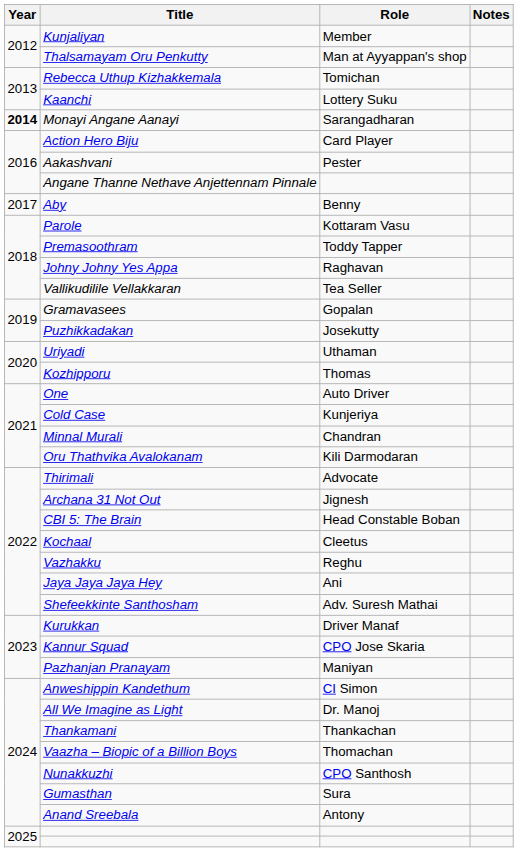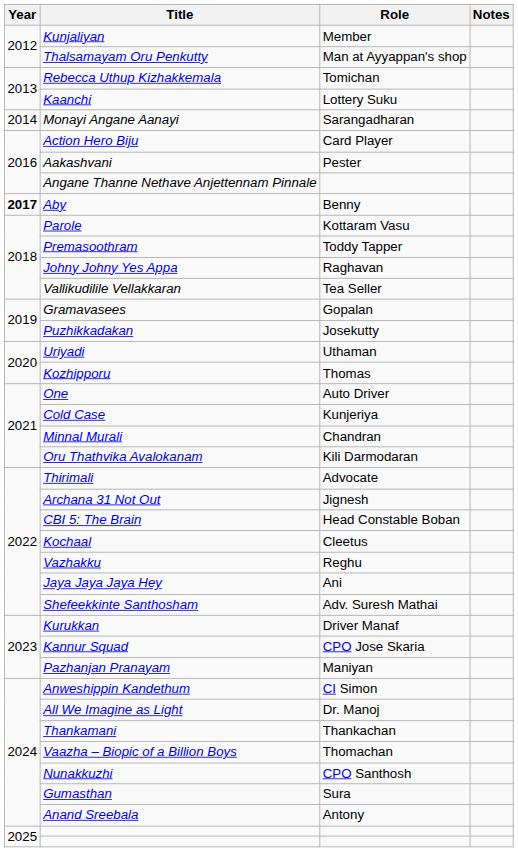 <table class="wikitable sortable">
 <tr>
 <th>Year</th>
 <th>Title</th>
 <th>Role</th>
 <th class="unsortable">Notes</th>
 </tr>
 <tr>
 <td rowspan=2>2012</td>
 <td><em><a href='#'>Kunjaliyan</a></em></td>
 <td>Member</td>
 <td></td>
 </tr>
 <tr>
 <td><em><a href='#'>Thalsamayam Oru Penkutty</a></em></td>
 <td>Man at Ayyappan's shop</td>
 <td></td>
 </tr>
 <tr>
 <td rowspan=2>2013</td>
 <td><em><a href='#'>Rebecca Uthup Kizhakkemala</a></em></td>
 <td>Tomichan</td>
 <td></td>
 </tr>
 <tr>
 <td><em><a href='#'>Kaanchi</a></em></td>
 <td>Lottery Suku</td>
 <td></td>
 </tr>
 <tr>
-<td><strong>2014</strong></td>
+<td>2014</td>
 <td><em>Monayi Angane Aanayi</em></td>
 <td>Sarangadharan</td>
 <td></td>
 </tr>
 <tr>
 <td rowspan=3>2016</td>
 <td><em><a href='#'>Action Hero Biju</a></em></td>
 <td>Card Player</td>
 <td></td>
 </tr>
 <tr>
 <td><em>Aakashvani</em></td>
 <td>Pester</td>
 <td></td>
 </tr>
 <tr>
 <td><em>Angane Thanne Nethave Anjettennam Pinnale</em></td>
 <td></td>
 <td></td>
 </tr>
 <tr>
-<td>2017</td>
+<td><strong>2017</strong></td>
 <td><em><a href='#'>Aby</a></em></td>
 <td>Benny</td>
 <td></td>
 </tr>
 <tr>
 <td rowspan=4>2018</td>
 <td><em><a href='#'>Parole</a></em></td>
 <td>Kottaram Vasu</td>
 <td></td>
 </tr>
 <tr>
 <td><em><a href='#'>Premasoothram</a></em></td>
 <td>Toddy Tapper</td>
 <td></td>
 </tr>
 <tr>
 <td><em><a href='#'>Johny Johny Yes Appa</a></em></td>
 <td>Raghavan</td>
 <td></td>
 </tr>
 <tr>
 <td><em>Vallikudilile Vellakkaran</em></td>
 <td>Tea Seller</td>
 <td></td>
 </tr>
 <tr>
 <td rowspan=2>2019</td>
 <td><em>Gramavasees</em></td>
 <td>Gopalan</td>
 <td></td>
 </tr>
 <tr>
 <td><em><a href='#'>Puzhikkadakan</a></em></td>
 <td>Josekutty</td>
 <td></td>
 </tr>
 <tr>
 <td rowspan=2>2020</td>
 <td><em><a href='#'>Uriyadi</a></em></td>
 <td>Uthaman</td>
 <td></td>
 </tr>
 <tr>
 <td><em><a href='#'>Kozhipporu</a></em></td>
 <td>Thomas</td>
 <td></td>
 </tr>
 <tr>
 <td rowspan=4>2021</td>
 <td><em><a href='#'>One</a></em></td>
 <td>Auto Driver</td>
 <td></td>
 </tr>
 <tr>
 <td><em><a href='#'>Cold Case</a></em></td>
 <td>Kunjeriya</td>
 <td></td>
 </tr>
 <tr>
 <td><em><a href='#'>Minnal Murali</a></em></td>
 <td>Chandran</td>
 <td></td>
 </tr>
 <tr>
 <td><em><a href='#'>Oru Thathvika Avalokanam</a></em></td>
 <td>Kili Darmodaran</td>
 <td></td>
 </tr>
 <tr>
 <td rowspan="7">2022</td>
 <td><em><a href='#'>Thirimali</a></em></td>
 <td>Advocate</td>
 <td></td>
 </tr>
 <tr>
 <td><em><a href='#'>Archana 31 Not Out</a></em></td>
 <td>Jignesh</td>
 <td></td>
 </tr>
 <tr>
 <td><em><a href='#'>CBI 5: The Brain</a></em></td>
 <td>Head Constable Boban</td>
 <td></td>
 </tr>
 <tr>
 <td><em><a href='#'>Kochaal</a></em></td>
 <td>Cleetus</td>
 <td></td>
 </tr>
 <tr>
 <td><em><a href='#'>Vazhakku</a></em></td>
 <td>Reghu</td>
 <td></td>
 </tr>
 <tr>
 <td><em><a href='#'>Jaya Jaya Jaya Hey</a></em></td>
 <td>Ani</td>
 <td></td>
 </tr>
 <tr>
 <td><em><a href='#'>Shefeekkinte Santhosham</a></em></td>
 <td>Adv. Suresh Mathai</td>
 <td></td>
 </tr>
 <tr>
 <td rowspan=3>2023</td>
 <td><em><a href='#'>Kurukkan</a></em></td>
 <td>Driver Manaf</td>
 <td></td>
 </tr>
 <tr>
 <td><em><a href='#'>Kannur Squad</a></em></td>
 <td><a href='#'>CPO</a> Jose Skaria</td>
 <td></td>
 </tr>
 <tr>
 <td><em><a href='#'>Pazhanjan Pranayam</a></em></td>
 <td>Maniyan</td>
 <td></td>
 </tr>
 <tr>
 <td rowspan=7>2024</td>
 <td><em><a href='#'>Anweshippin Kandethum</a></em></td>
 <td><a href='#'>CI</a> Simon</td>
 <td></td>
 </tr>
 <tr>
 <td><em><a href='#'>All We Imagine as Light</a></em></td>
 <td>Dr. Manoj</td>
 <td></td>
 </tr>
 <tr>
 <td><em><a href='#'>Thankamani</a></em></td>
 <td>Thankachan</td>
 <td></td>
 </tr>
 <tr>
 <td><em><a href='#'>Vaazha – Biopic of a Billion Boys</a></em></td>
 <td>Thomachan</td>
 <td></td>
 </tr>
 <tr>
 <td><em><a href='#'>Nunakkuzhi</a></em></td>
 <td><a href='#'>CPO</a> Santhosh</td>
 <td></td>
 </tr>
 <tr>
 <td><em><a href='#'>Gumasthan</a></em></td>
 <td>Sura</td>
 <td></td>
 </tr>
 <tr>
 <td><em><a href='#'>Anand Sreebala</a></em></td>
 <td>Antony</td>
 <td></td>
 </tr>
 <tr>
 <td rowspan=2>2025</td>
 <td></td>
 <td></td>
 <td></td>
 </tr>
 <tr>
 <td></td>
 <td></td>
 <td></td>
 </tr>
 </table>
